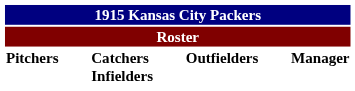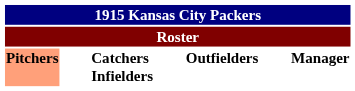 <table class="toccolours" style="font-size: 95%;">
 <tr>
 <th colspan="10" style="background-color: navy; color: white; text-align: center;">1915 Kansas City Packers</th>
 </tr>
 <tr>
 <td colspan="10" style="background-color: maroon; color: white; text-align: center;"><strong>Roster</strong></td>
 </tr>
 <tr>
-<td valign="top"><strong>Pitchers</strong><br>        </td>
+<td valign="top" style="background: lightsalmon;"><strong>Pitchers</strong><br>        </td>
 <td width="25px"></td>
 <td valign="top"><strong>Catchers</strong><br>   <strong>Infielders</strong>      </td>
 <td width="25px"></td>
 <td valign="top"><strong>Outfielders</strong><br>   </td>
 <td width="25px"></td>
 <td valign="top"><strong>Manager</strong><br></td>
 </tr>
 </table>
